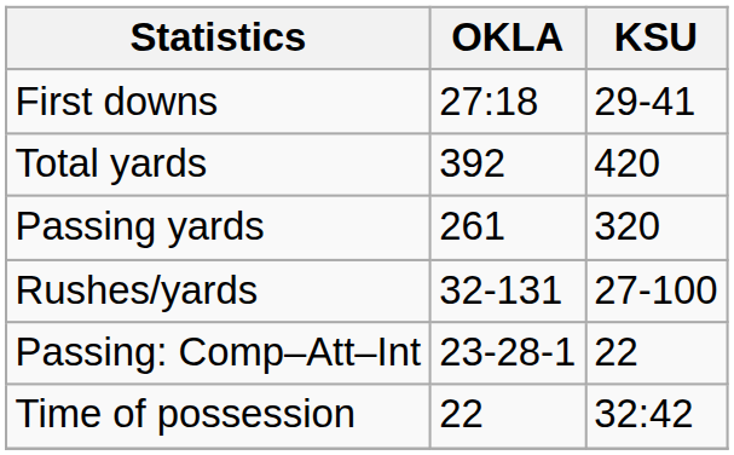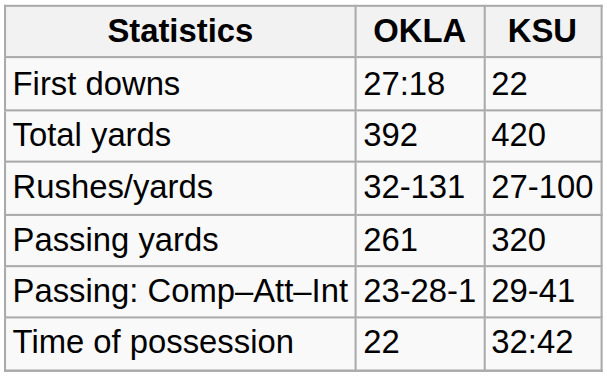 <table class="wikitable" style="float: left;">
 <tr>
 <th>Statistics</th>
 <th>OKLA</th>
 <th>KSU</th>
 </tr>
 <tr>
 <td>First downs</td>
 <td>27:18</td>
-<td>29-41</td>
+<td>22</td>
 </tr>
 <tr>
 <td>Total yards</td>
 <td>392</td>
 <td>420</td>
 </tr>
 <tr>
+<td>Rushes/yards</td>
+<td>32-131</td>
+<td>27-100</td>
+</tr>
+<tr>
 <td>Passing yards</td>
 <td>261</td>
 <td>320</td>
 </tr>
 <tr>
-<td>Rushes/yards</td>
-<td>32-131</td>
-<td>27-100</td>
-</tr>
-<tr>
 <td>Passing: Comp–Att–Int</td>
 <td>23-28-1</td>
-<td>22</td>
+<td>29-41</td>
 </tr>
 <tr>
 <td>Time of possession</td>
 <td>22</td>
 <td>32:42</td>
 </tr>
 <tr>
 </tr>
 </table>
